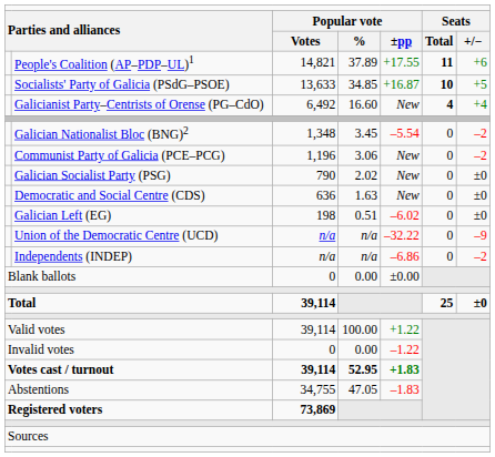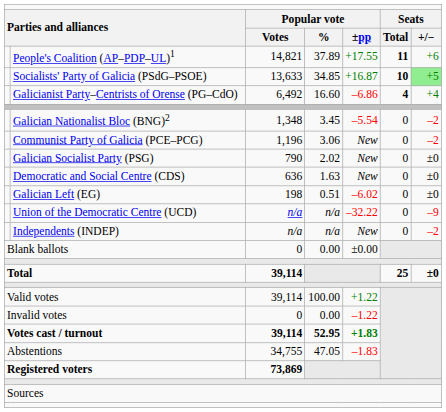 <table class="wikitable" style="text-align:right;">
 <tr>
 <td colspan="7"></td>
 </tr>
 <tr>
 <th style="text-align:left;" rowspan="2" colspan="2" width="525">Parties and alliances</th>
 <th colspan="3">Popular vote</th>
 <th colspan="2">Seats</th>
 </tr>
 <tr>
 <th width="75">Votes</th>
 <th width="45">%</th>
 <th width="45">±<a href='#'>pp</a></th>
 <th width="35">Total</th>
 <th width="35">+/−</th>
 </tr>
 <tr>
 <td width="1" style="color:inherit;background:"></td>
 <td align="left"><a href='#'>People's Coalition</a> (<a href='#'>AP</a>–<a href='#'>PDP</a>–<a href='#'>UL</a>)<sup>1</sup></td>
 <td>14,821</td>
 <td>37.89</td>
 <td style="color:green;">+17.55</td>
 <td><strong>11</strong></td>
 <td style="color:green;">+6</td>
 </tr>
 <tr>
 <td style="color:inherit;background:"></td>
 <td align="left"><a href='#'>Socialists' Party of Galicia</a> (PSdG–PSOE)</td>
 <td>13,633</td>
 <td>34.85</td>
 <td style="color:green;">+16.87</td>
 <td><strong>10</strong></td>
-<td style="color:green;">+5</td>
+<td style="background: lightgreen; color:green;">+5</td>
 </tr>
 <tr>
 <td style="color:inherit;background:"></td>
 <td align="left"><a href='#'>Galicianist Party</a>–<a href='#'>Centrists of Orense</a> (PG–CdO)</td>
 <td>6,492</td>
 <td>16.60</td>
-<td><em>New</em></td>
+<td style="color:red;">–6.86</td>
 <td><strong>4</strong></td>
 <td style="color:green;">+4</td>
 </tr>
 <tr>
 <td colspan="7" bgcolor="#C0C0C0"></td>
 </tr>
 <tr>
 <td style="color:inherit;background:"></td>
 <td align="left"><a href='#'>Galician Nationalist Bloc</a> (BNG)<sup>2</sup></td>
 <td>1,348</td>
 <td>3.45</td>
 <td style="color:red;">–5.54</td>
 <td>0</td>
 <td style="color:red;">–2</td>
 </tr>
 <tr>
 <td style="color:inherit;background:"></td>
 <td align="left"><a href='#'>Communist Party of Galicia</a> (PCE–PCG)</td>
 <td>1,196</td>
 <td>3.06</td>
 <td><em>New</em></td>
 <td>0</td>
 <td style="color:red;">–2</td>
 </tr>
 <tr>
 <td style="color:inherit;background:"></td>
 <td align="left"><a href='#'>Galician Socialist Party</a> (PSG)</td>
 <td>790</td>
 <td>2.02</td>
 <td><em>New</em></td>
 <td>0</td>
 <td>±0</td>
 </tr>
 <tr>
 <td style="color:inherit;background:"></td>
 <td align="left"><a href='#'>Democratic and Social Centre</a> (CDS)</td>
 <td>636</td>
 <td>1.63</td>
 <td><em>New</em></td>
 <td>0</td>
 <td>±0</td>
 </tr>
 <tr>
 <td style="color:inherit;background:"></td>
 <td align="left"><a href='#'>Galician Left</a> (EG)</td>
 <td>198</td>
 <td>0.51</td>
 <td style="color:red;">–6.02</td>
 <td>0</td>
 <td>±0</td>
 </tr>
 <tr>
 <td style="color:inherit;background:"></td>
 <td align="left"><a href='#'>Union of the Democratic Centre</a> (UCD)</td>
 <td><em><a href='#'>n/a</a></em></td>
 <td><em>n/a</em></td>
 <td style="color:red;">–32.22</td>
 <td>0</td>
 <td style="color:red;">–9</td>
 </tr>
 <tr>
 <td style="color:inherit;background:"></td>
 <td align="left"><a href='#'>Independents</a> (INDEP)</td>
 <td><em>n/a</em></td>
 <td><em>n/a</em></td>
-<td style="color:red;">–6.86</td>
+<td><em>New</em></td>
 <td>0</td>
 <td style="color:red;">–2</td>
 </tr>
 <tr>
 <td align="left" colspan="2">Blank ballots</td>
 <td>0</td>
 <td>0.00</td>
 <td>±0.00</td>
 <td bgcolor="#E9E9E9" colspan="2"></td>
 </tr>
 <tr>
 <td colspan="7" bgcolor="#E9E9E9"></td>
 </tr>
 <tr style="font-weight:bold;">
 <td align="left" colspan="2">Total</td>
 <td>39,114</td>
 <td bgcolor="#E9E9E9" colspan="2"></td>
 <td>25</td>
 <td>±0</td>
 </tr>
 <tr>
 <td colspan="7" bgcolor="#E9E9E9"></td>
 </tr>
 <tr>
 <td align="left" colspan="2">Valid votes</td>
 <td>39,114</td>
 <td>100.00</td>
 <td style="color:green;">+1.22</td>
 <td bgcolor="#E9E9E9" colspan="2" rowspan="5"></td>
 </tr>
 <tr>
 <td align="left" colspan="2">Invalid votes</td>
 <td>0</td>
 <td>0.00</td>
 <td style="color:red;">–1.22</td>
 </tr>
 <tr style="font-weight:bold;">
 <td align="left" colspan="2">Votes cast / turnout</td>
 <td>39,114</td>
 <td>52.95</td>
 <td style="color:green;">+1.83</td>
 </tr>
 <tr>
 <td align="left" colspan="2">Abstentions</td>
 <td>34,755</td>
 <td>47.05</td>
 <td style="color:red;">–1.83</td>
 </tr>
 <tr style="font-weight:bold;">
 <td align="left" colspan="2">Registered voters</td>
 <td>73,869</td>
 <td bgcolor="#E9E9E9" colspan="2"></td>
 </tr>
 <tr>
 <td colspan="7" bgcolor="#E9E9E9"></td>
 </tr>
 <tr>
 <td align="left" colspan="7">Sources</td>
 </tr>
 <tr>
 <td colspan="7" style="text-align:left; max-width:790px;"></td>
 </tr>
 </table>
